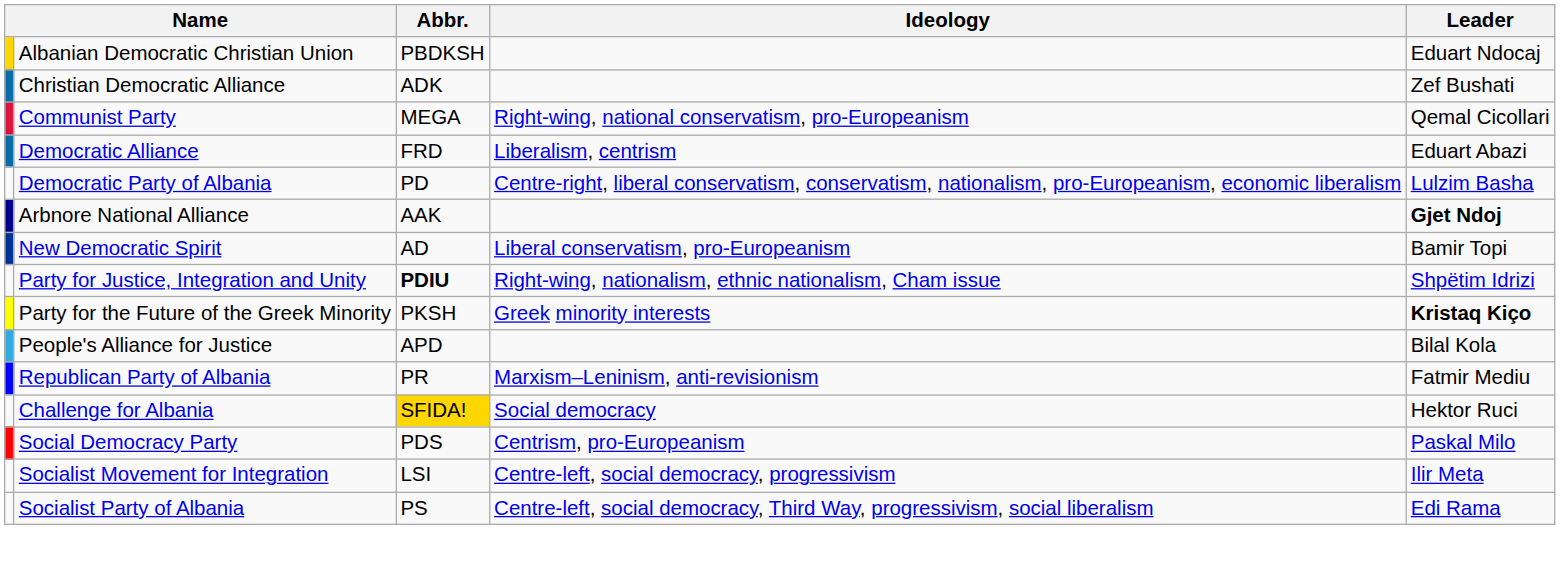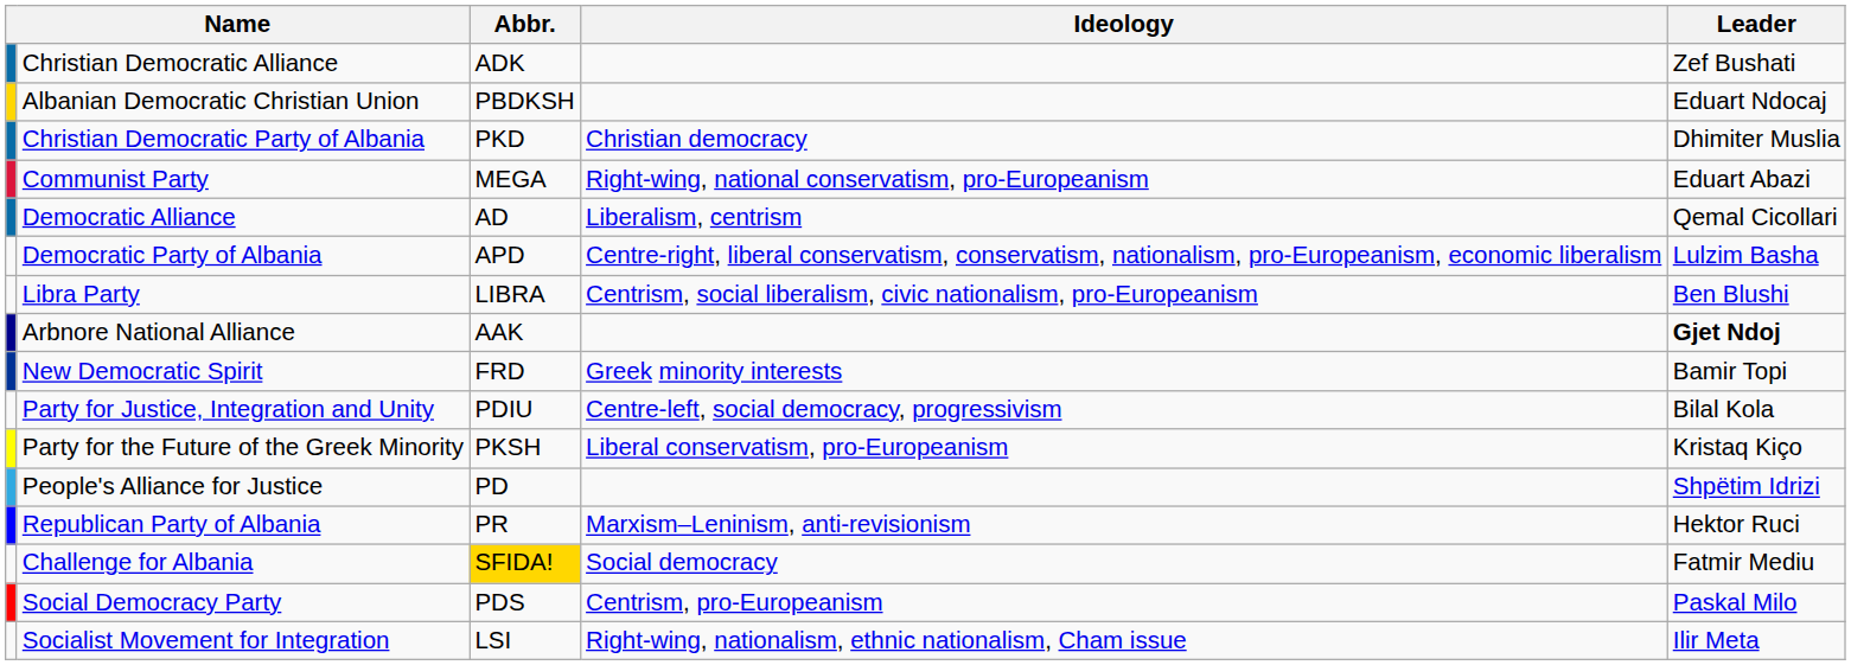 <table class="wikitable sortable">
 <tr>
 <th colspan=2>Name</th>
 <th>Abbr.</th>
 <th>Ideology</th>
 <th>Leader</th>
+</tr>
+<tr>
+<td style="background:#076CA7;"></td>
+<td>Christian Democratic Alliance</td>
+<td>ADK</td>
+<td></td>
+<td>Zef Bushati</td>
 </tr>
 <tr>
 <td style="background:#FFD700;"></td>
 <td>Albanian Democratic Christian Union</td>
 <td>PBDKSH</td>
 <td></td>
 <td>Eduart Ndocaj</td>
 </tr>
 <tr>
 <td style="background:#076CA7;"></td>
-<td>Christian Democratic Alliance</td>
-<td>ADK</td>
-<td></td>
-<td>Zef Bushati</td>
+<td><a href='#'>Christian Democratic Party of Albania</a></td>
+<td>PKD</td>
+<td><a href='#'>Christian democracy</a></td>
+<td>Dhimiter Muslia</td>
 </tr>
 <tr>
 <td style="background:#DC143C;"></td>
 <td><a href='#'>Communist Party</a></td>
 <td>MEGA</td>
 <td><a href='#'>Right-wing</a>, <a href='#'>national conservatism</a>, <a href='#'>pro-Europeanism</a></td>
-<td>Qemal Cicollari</td>
+<td>Eduart Abazi</td>
 </tr>
 <tr>
 <td style="background:#076CA7;"></td>
 <td><a href='#'>Democratic Alliance</a></td>
-<td>FRD</td>
+<td>AD</td>
 <td><a href='#'>Liberalism</a>, <a href='#'>centrism</a></td>
-<td>Eduart Abazi</td>
+<td>Qemal Cicollari</td>
 </tr>
 <tr>
 <td style="background-color: "></td>
 <td><a href='#'>Democratic Party of Albania</a></td>
-<td>PD</td>
+<td>APD</td>
 <td><a href='#'>Centre-right</a>, <a href='#'>liberal conservatism</a>, <a href='#'>conservatism</a>, <a href='#'>nationalism</a>, <a href='#'>pro-Europeanism</a>, <a href='#'>economic liberalism</a></td>
 <td><a href='#'>Lulzim Basha</a></td>
+</tr>
+<tr>
+<td style="background-color: "></td>
+<td><a href='#'>Libra Party</a></td>
+<td>LIBRA</td>
+<td><a href='#'>Centrism</a>, <a href='#'>social liberalism</a>, <a href='#'>civic nationalism</a>, <a href='#'>pro-Europeanism</a></td>
+<td><a href='#'>Ben Blushi</a></td>
 </tr>
 <tr>
 <td style="background:#00008B;"></td>
 <td>Arbnore National Alliance</td>
 <td>AAK</td>
 <td></td>
 <td><strong>Gjet Ndoj</strong></td>
 </tr>
 <tr>
 <td style="background:#003296;"></td>
 <td><a href='#'>New Democratic Spirit</a></td>
-<td>AD</td>
-<td><a href='#'>Liberal conservatism</a>, <a href='#'>pro-Europeanism</a></td>
+<td>FRD</td>
+<td><a href='#'>Greek</a> <a href='#'>minority interests</a></td>
 <td>Bamir Topi</td>
 </tr>
 <tr>
 <td style="background-color: "></td>
 <td><a href='#'>Party for Justice, Integration and Unity</a></td>
-<td><strong>PDIU</strong></td>
-<td><a href='#'>Right-wing</a>, <a href='#'>nationalism</a>, <a href='#'>ethnic nationalism</a>, <a href='#'>Cham issue</a></td>
-<td><a href='#'>Shpëtim Idrizi</a></td>
+<td>PDIU</td>
+<td><a href='#'>Centre-left</a>, <a href='#'>social democracy</a>, <a href='#'>progressivism</a></td>
+<td>Bilal Kola</td>
 </tr>
 <tr>
 <td style="background:#FFFF00;"></td>
 <td>Party for the Future of the Greek Minority</td>
 <td>PKSH</td>
-<td><a href='#'>Greek</a> <a href='#'>minority interests</a></td>
-<td><strong>Kristaq Kiço</strong></td>
+<td><a href='#'>Liberal conservatism</a>, <a href='#'>pro-Europeanism</a></td>
+<td>Kristaq Kiço</td>
 </tr>
 <tr>
 <td style="background:#30AAE1;"></td>
 <td>People's Alliance for Justice</td>
-<td>APD</td>
+<td>PD</td>
 <td></td>
-<td>Bilal Kola</td>
+<td><a href='#'>Shpëtim Idrizi</a></td>
 </tr>
 <tr>
 <td style="background-color: Blue"></td>
 <td><a href='#'>Republican Party of Albania</a></td>
 <td>PR</td>
 <td><a href='#'>Marxism–Leninism</a>, <a href='#'>anti-revisionism</a></td>
-<td>Fatmir Mediu</td>
+<td>Hektor Ruci</td>
 </tr>
 <tr>
 <td style="background-color: "></td>
 <td><a href='#'>Challenge for Albania</a></td>
 <td style="background: gold;">SFIDA!</td>
 <td><a href='#'>Social democracy</a></td>
-<td>Hektor Ruci</td>
+<td>Fatmir Mediu</td>
 </tr>
 <tr>
 <td style="background:#FF0000;"></td>
 <td><a href='#'>Social Democracy Party</a></td>
 <td>PDS</td>
 <td><a href='#'>Centrism</a>, <a href='#'>pro-Europeanism</a></td>
 <td><a href='#'>Paskal Milo</a></td>
 </tr>
 <tr>
 <td style="background-color: "></td>
 <td><a href='#'>Socialist Movement for Integration</a></td>
 <td>LSI</td>
-<td><a href='#'>Centre-left</a>, <a href='#'>social democracy</a>, <a href='#'>progressivism</a></td>
+<td><a href='#'>Right-wing</a>, <a href='#'>nationalism</a>, <a href='#'>ethnic nationalism</a>, <a href='#'>Cham issue</a></td>
 <td><a href='#'>Ilir Meta</a></td>
 </tr>
-<tr>
-<td style="background-color: "></td>
-<td><a href='#'>Socialist Party of Albania</a></td>
-<td>PS</td>
-<td><a href='#'>Centre-left</a>, <a href='#'>social democracy</a>, <a href='#'>Third Way</a>, <a href='#'>progressivism</a>, <a href='#'>social liberalism</a></td>
-<td><a href='#'>Edi Rama</a></td>
-</tr>
 </table>
